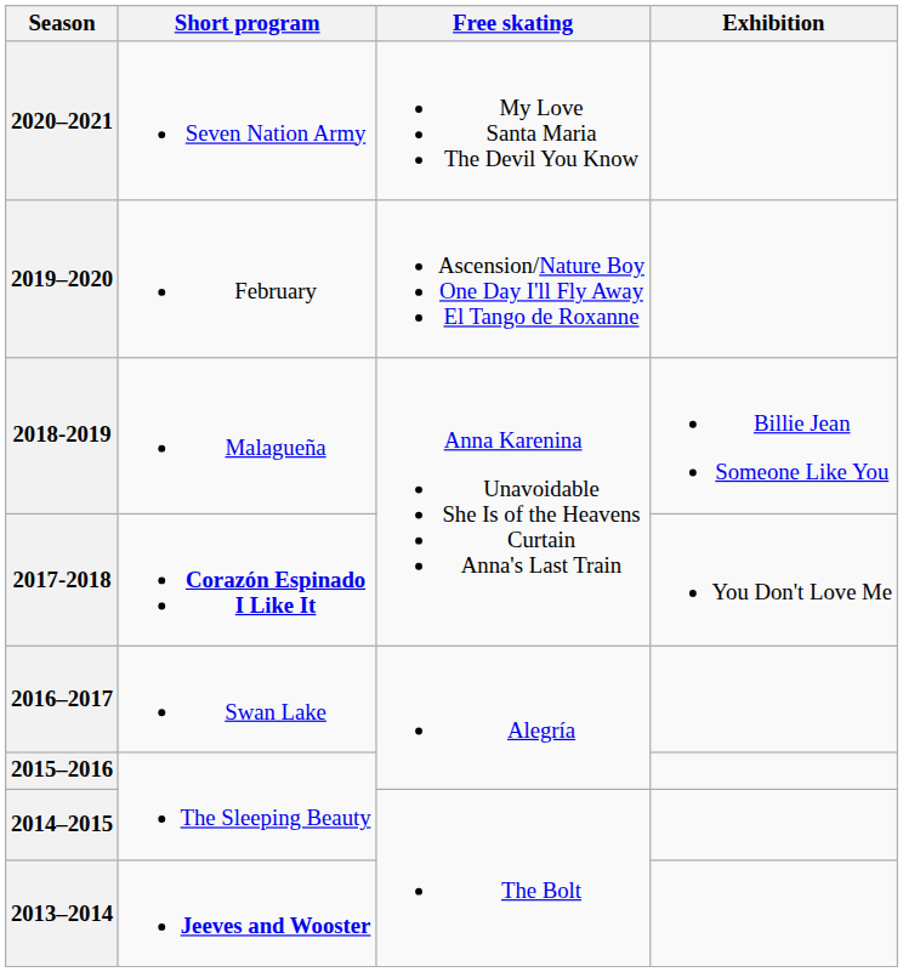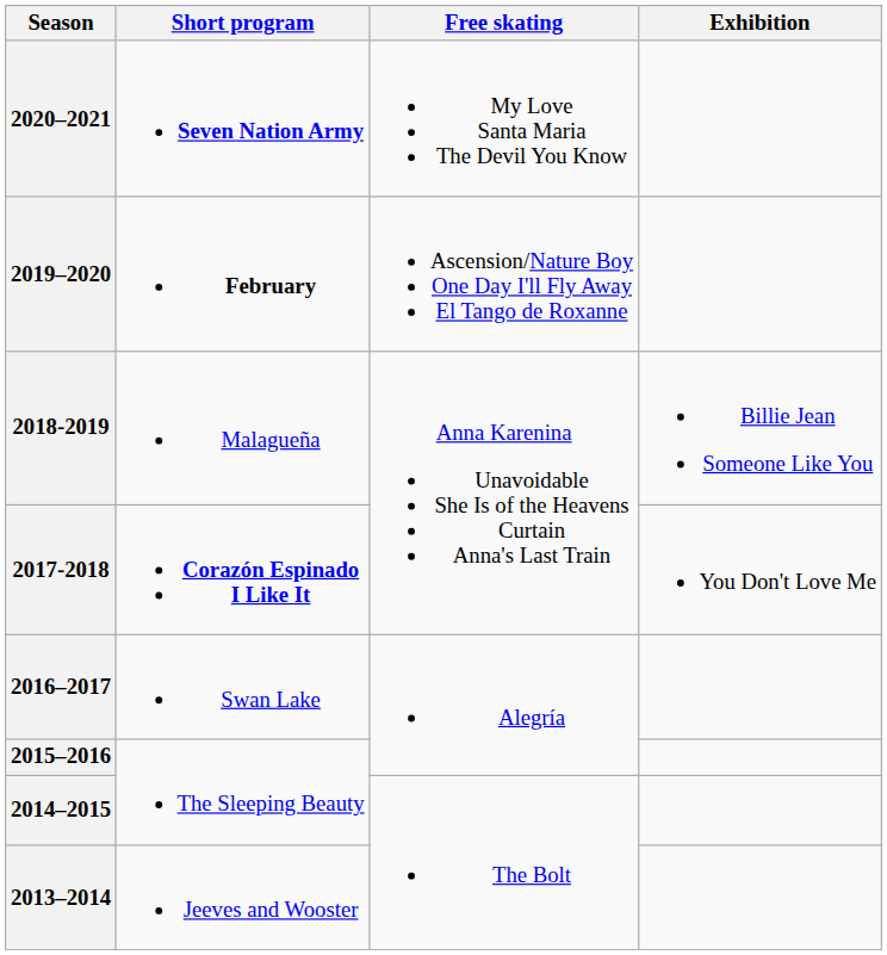 <table class=wikitable style=text-align:center>
 <tr>
 <th>Season</th>
 <th><a href='#'>Short program</a></th>
 <th><a href='#'>Free skating</a></th>
 <th>Exhibition</th>
 </tr>
 <tr>
 <th>2020–2021</th>
-<td><br><ul><li><a href='#'>Seven Nation Army</a> <br> </li></ul></td>
+<td><strong><br><ul><li><a href='#'>Seven Nation Army</a> <br> </li></ul></strong></td>
 <td><br><ul><li>My Love <br> </li><li>Santa Maria <br> </li><li>The Devil You Know <br> </li></ul></td>
 <td></td>
 </tr>
 <tr>
 <th>2019–2020 <br> </th>
-<td><br><ul><li>February <br> </li></ul></td>
+<td><strong><br><ul><li>February <br> </li></ul></strong></td>
 <td><br><ul><li>Ascension/<a href='#'>Nature Boy</a> <br> </li><li><a href='#'>One Day I'll Fly Away</a> <br> </li><li><a href='#'>El Tango de Roxanne</a> <br> </li></ul></td>
 <td></td>
 </tr>
 <tr>
 <th>2018-2019 <br></th>
 <td><br><ul><li><a href='#'>Malagueña</a> <br></li></ul></td>
 <td rowspan=2><br><a href='#'>Anna Karenina</a><ul><li>Unavoidable</li><li>She Is of the Heavens</li><li>Curtain</li><li>Anna's Last Train <br> </li></ul></td>
 <td><br><ul><li><a href='#'>Billie Jean</a> <br> </li></ul><ul><li><a href='#'>Someone Like You</a> <br> </li></ul></td>
 </tr>
 <tr>
 <th>2017-2018 <br></th>
 <td><strong><br><ul><li><a href='#'>Corazón Espinado</a> <br></li><li><a href='#'>I Like It</a> <br></li></ul></strong></td>
 <td><br><ul><li>You Don't Love Me <br></li></ul></td>
 </tr>
 <tr>
 <th>2016–2017 <br></th>
 <td><br><ul><li><a href='#'>Swan Lake</a> <br></li></ul></td>
 <td rowspan=2><br><ul><li><a href='#'>Alegría</a> <br></li></ul></td>
 <td></td>
 </tr>
 <tr>
 <th>2015–2016</th>
 <td rowspan=2><br><ul><li><a href='#'>The Sleeping Beauty</a> <br></li></ul></td>
 <td></td>
 </tr>
 <tr>
 <th>2014–2015</th>
 <td rowspan=2><br><ul><li><a href='#'>The Bolt</a> <br></li></ul></td>
 <td></td>
 </tr>
 <tr>
 <th>2013–2014</th>
-<td><strong><br><ul><li><a href='#'>Jeeves and Wooster</a> <br></li></ul></strong></td>
+<td><br><ul><li><a href='#'>Jeeves and Wooster</a> <br></li></ul></td>
 <td></td>
 </tr>
 </table>
